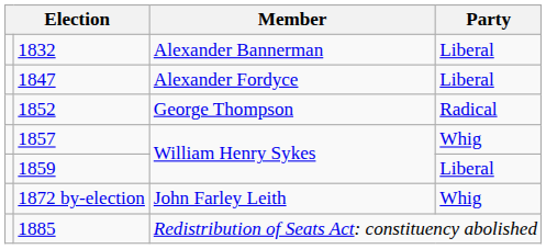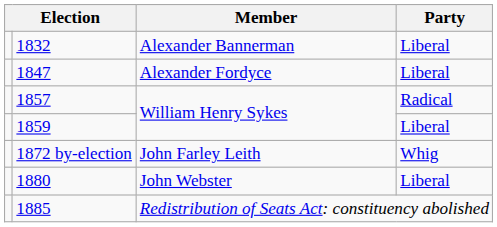 <table class="wikitable">
 <tr>
 <th colspan=2>Election</th>
 <th>Member</th>
 <th>Party</th>
 </tr>
 <tr>
 <td style="color:inherit;background-color: "></td>
 <td><a href='#'>1832</a></td>
 <td><a href='#'>Alexander Bannerman</a></td>
 <td><a href='#'>Liberal</a></td>
 </tr>
 <tr>
 <td style="color:inherit;background-color: "></td>
 <td><a href='#'>1847</a></td>
 <td><a href='#'>Alexander Fordyce</a></td>
 <td><a href='#'>Liberal</a></td>
 </tr>
 <tr>
 <td style="color:inherit;background-color: "></td>
-<td><a href='#'>1852</a></td>
-<td><a href='#'>George Thompson</a></td>
-<td><a href='#'>Radical</a></td>
-</tr>
-<tr>
-<td style="color:inherit;background-color: "></td>
 <td><a href='#'>1857</a></td>
 <td rowspan="2"><a href='#'>William Henry Sykes</a></td>
-<td><a href='#'>Whig</a></td>
+<td><a href='#'>Radical</a></td>
 </tr>
 <tr>
 <td style="color:inherit;background-color: "></td>
 <td><a href='#'>1859</a></td>
 <td><a href='#'>Liberal</a></td>
 </tr>
 <tr>
 <td style="color:inherit;background-color: "></td>
 <td><a href='#'>1872 by-election</a> </td>
 <td><a href='#'>John Farley Leith</a></td>
 <td><a href='#'>Whig</a></td>
 </tr>
 <tr>
+<td style="color:inherit;background-color: "></td>
+<td><a href='#'>1880</a></td>
+<td><a href='#'>John Webster</a></td>
+<td><a href='#'>Liberal</a></td>
+</tr>
+<tr>
 <td></td>
 <td><a href='#'>1885</a></td>
 <td colspan="2"><em><a href='#'>Redistribution of Seats Act</a>: constituency abolished</em></td>
 </tr>
 </table>
